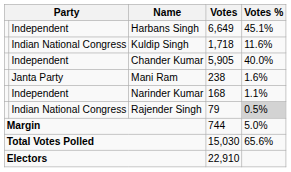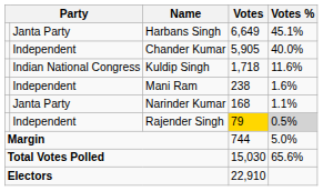 <table class="wikitable sortable">
 <tr>
 <th colspan="2" rowspan="1">Party</th>
 <th colspan="1" rowspan="1">Name</th>
 <th colspan="1" rowspan="1">Votes</th>
 <th colspan="1" rowspan="1">Votes %</th>
 </tr>
 <tr>
 <td></td>
-<td>Independent</td>
+<td>Janta Party</td>
 <td>Harbans Singh</td>
 <td>6,649</td>
 <td>45.1%</td>
+</tr>
+<tr>
+<td></td>
+<td>Independent</td>
+<td>Chander Kumar</td>
+<td>5,905</td>
+<td>40.0%</td>
 </tr>
 <tr>
 <td></td>
 <td>Indian National Congress</td>
 <td>Kuldip Singh</td>
 <td>1,718</td>
 <td>11.6%</td>
 </tr>
 <tr>
 <td></td>
 <td>Independent</td>
-<td>Chander Kumar</td>
-<td>5,905</td>
-<td>40.0%</td>
-</tr>
-<tr>
-<td></td>
-<td>Janta Party</td>
 <td>Mani Ram</td>
 <td>238</td>
 <td>1.6%</td>
 </tr>
 <tr>
 <td></td>
-<td>Independent</td>
+<td>Janta Party</td>
 <td>Narinder Kumar</td>
 <td>168</td>
 <td>1.1%</td>
 </tr>
 <tr>
 <td></td>
-<td>Indian National Congress</td>
+<td>Independent</td>
 <td>Rajender Singh</td>
-<td>79</td>
+<td style="background: gold;">79</td>
 <td style="background: lightgrey;">0.5%</td>
 </tr>
 <tr>
 <td colspan="3"><strong>Margin</strong></td>
 <td>744</td>
 <td>5.0%</td>
 </tr>
 <tr>
 <td colspan="3"><strong>Total Votes Polled</strong></td>
 <td>15,030</td>
 <td>65.6%</td>
 </tr>
 <tr>
 <td colspan="3"><strong>Electors</strong></td>
 <td>22,910</td>
 <td></td>
 </tr>
 </table>
